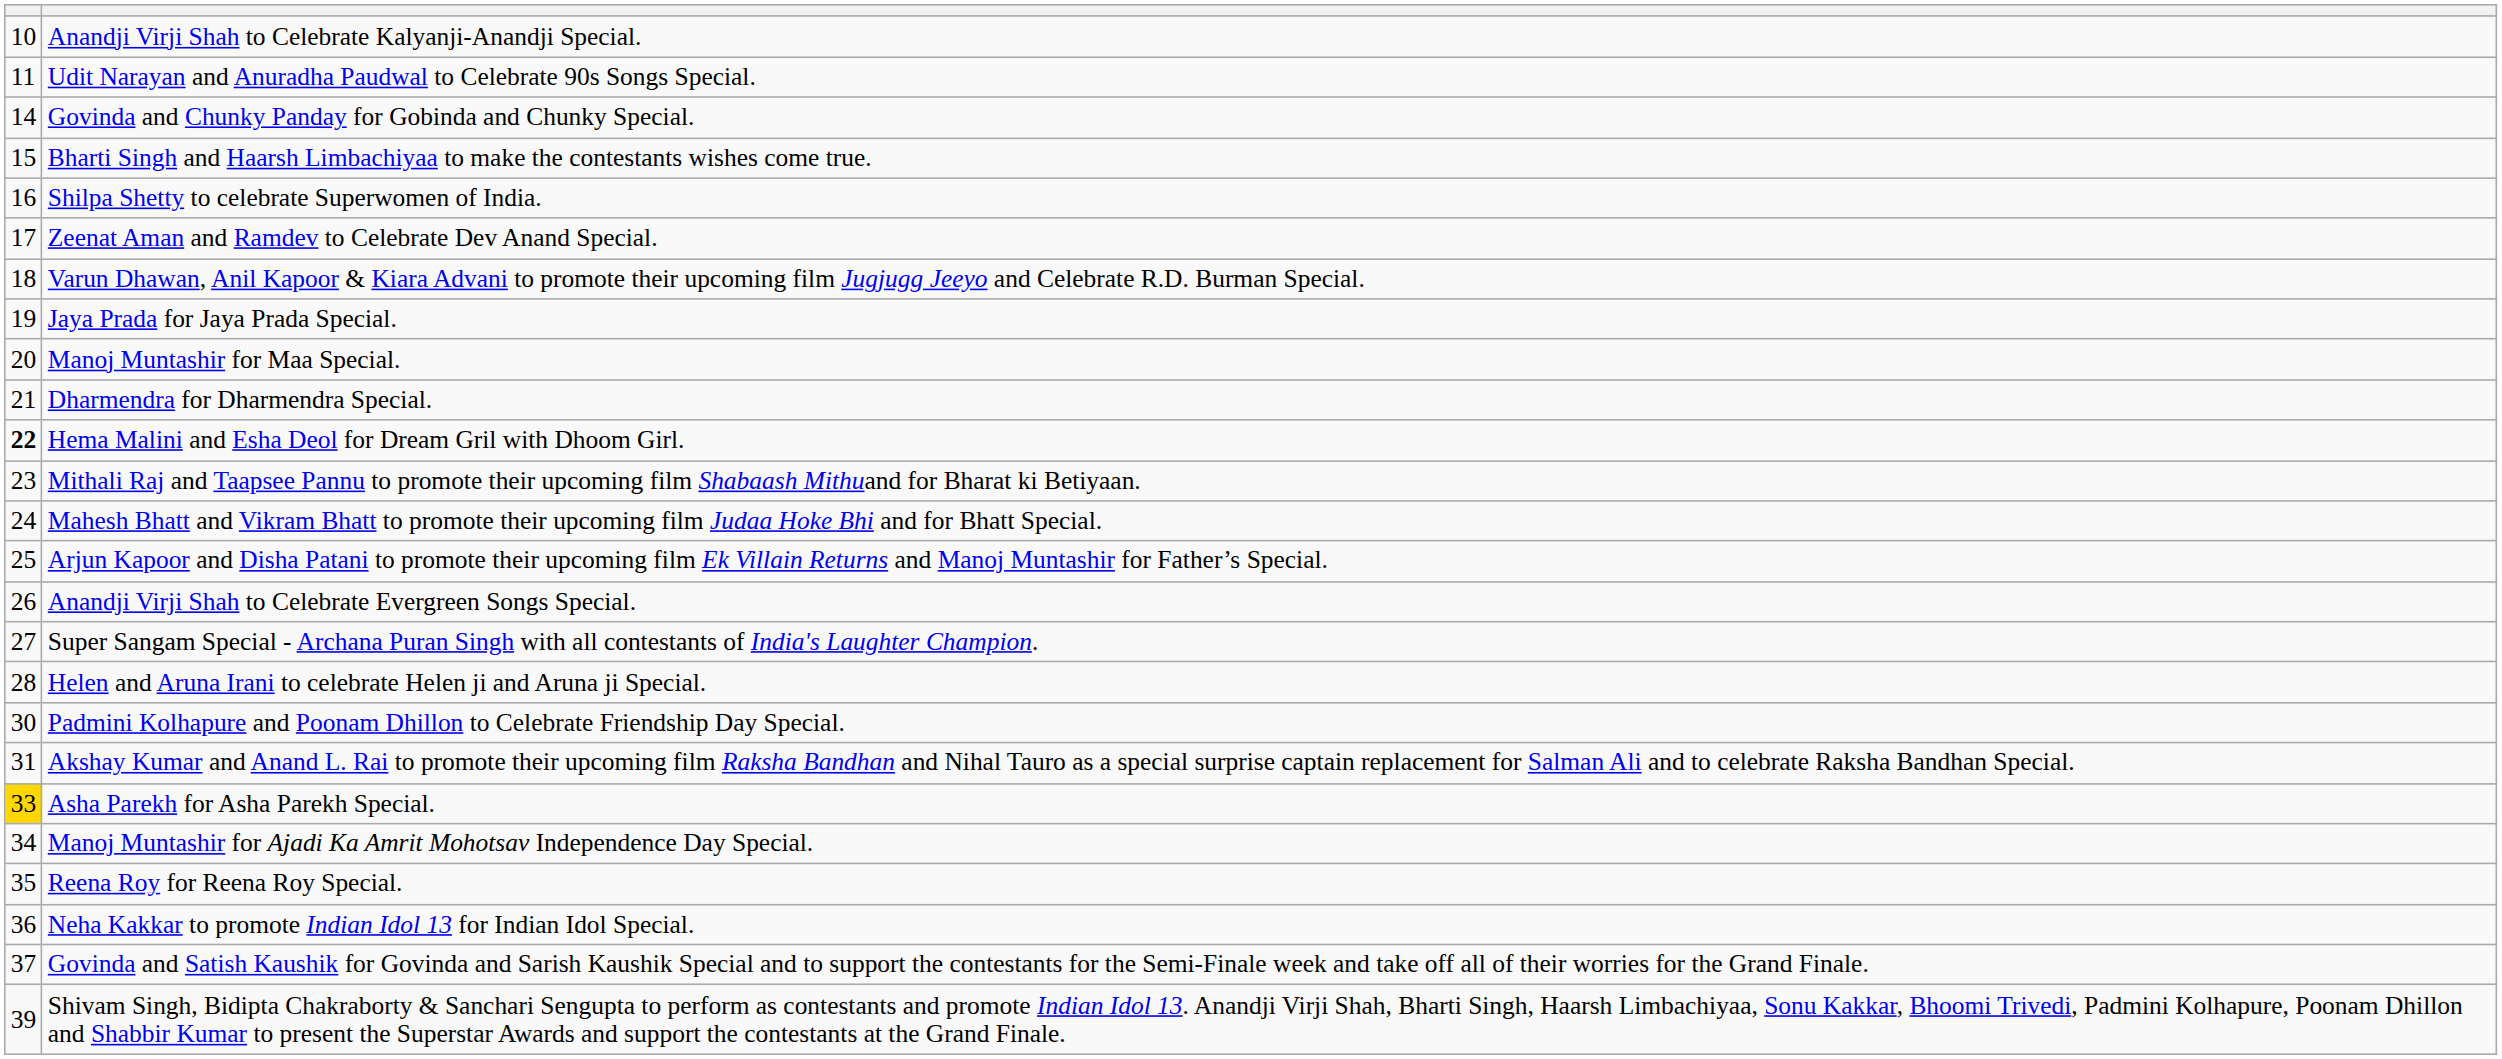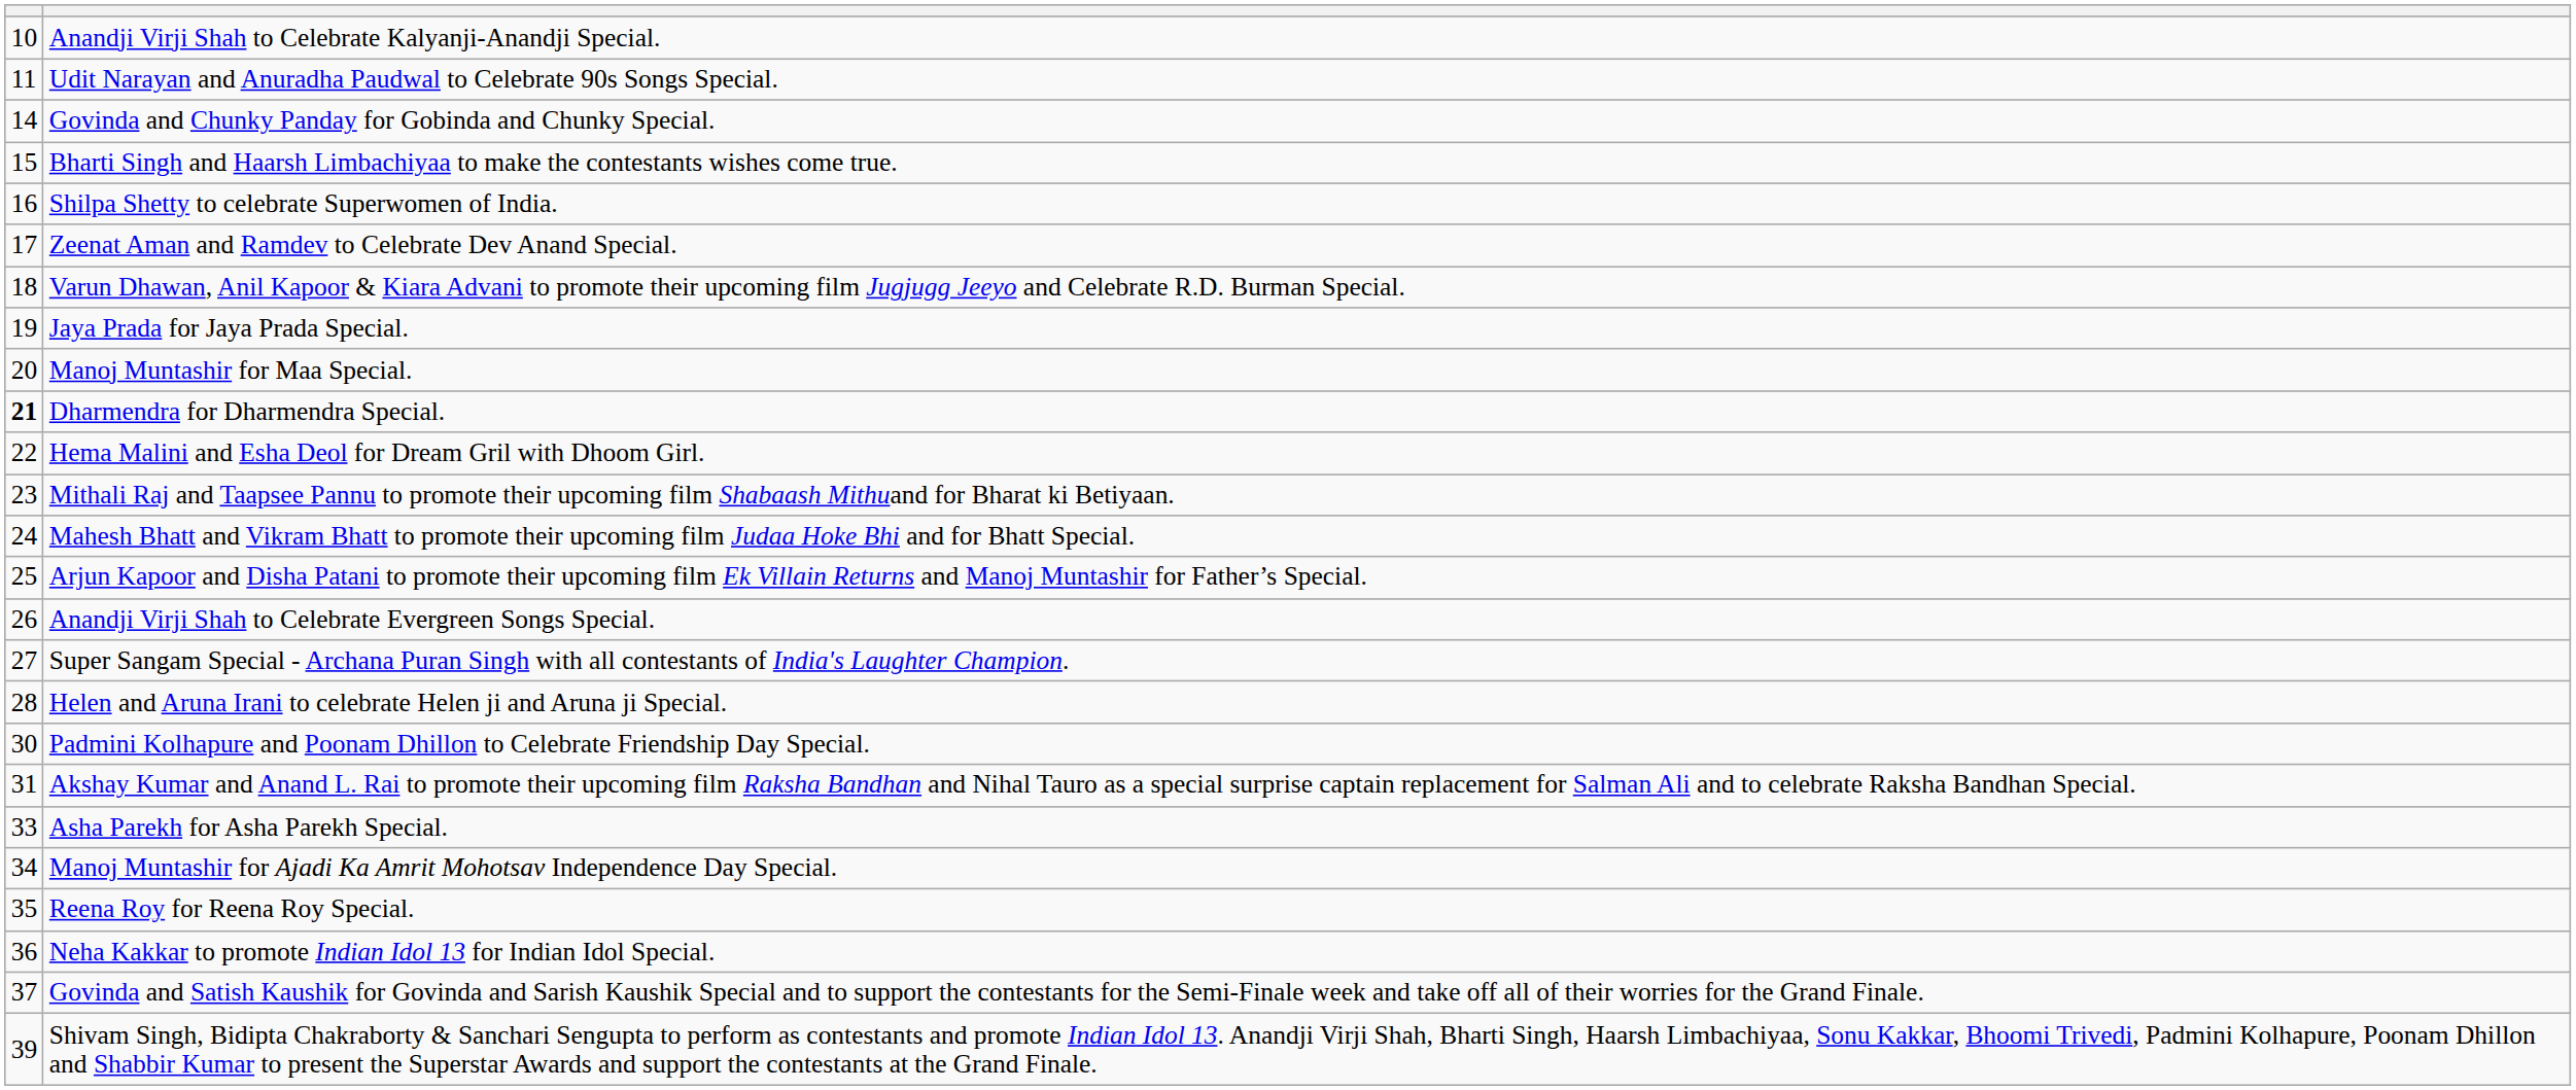 <table class="wikitable">
 <tr>
 <th></th>
 <th></th>
 </tr>
 <tr>
 <td>10</td>
 <td><a href='#'>Anandji Virji Shah</a> to Celebrate Kalyanji-Anandji Special.</td>
 </tr>
 <tr>
 <td>11</td>
 <td><a href='#'>Udit Narayan</a> and <a href='#'>Anuradha Paudwal</a> to Celebrate 90s Songs Special.</td>
 </tr>
 <tr>
 <td>14</td>
 <td><a href='#'>Govinda</a> and <a href='#'>Chunky Panday</a> for Gobinda and Chunky Special.</td>
 </tr>
 <tr>
 <td>15</td>
 <td><a href='#'>Bharti Singh</a> and <a href='#'>Haarsh Limbachiyaa</a> to make the contestants wishes come true.</td>
 </tr>
 <tr>
 <td>16</td>
 <td><a href='#'>Shilpa Shetty</a> to celebrate Superwomen of India.</td>
 </tr>
 <tr>
 <td>17</td>
 <td><a href='#'>Zeenat Aman</a> and <a href='#'>Ramdev</a> to Celebrate Dev Anand Special.</td>
 </tr>
 <tr>
 <td>18</td>
 <td><a href='#'>Varun Dhawan</a>, <a href='#'>Anil Kapoor</a> & <a href='#'>Kiara Advani</a> to promote their upcoming film <em><a href='#'>Jugjugg Jeeyo</a></em> and Celebrate R.D. Burman Special.</td>
 </tr>
 <tr>
 <td>19</td>
 <td><a href='#'>Jaya Prada</a> for Jaya Prada Special.</td>
 </tr>
 <tr>
 <td>20</td>
 <td><a href='#'>Manoj Muntashir</a> for Maa Special.</td>
 </tr>
 <tr>
-<td>21</td>
+<td><strong>21</strong></td>
 <td><a href='#'>Dharmendra</a> for Dharmendra Special.</td>
 </tr>
 <tr>
-<td><strong>22</strong></td>
+<td>22</td>
 <td><a href='#'>Hema Malini</a> and <a href='#'>Esha Deol</a> for Dream Gril with Dhoom Girl.</td>
 </tr>
 <tr>
 <td>23</td>
 <td><a href='#'>Mithali Raj</a> and <a href='#'>Taapsee Pannu</a> to promote their upcoming film <em><a href='#'>Shabaash Mithu</a></em>and for Bharat ki Betiyaan.</td>
 </tr>
 <tr>
 <td>24</td>
 <td><a href='#'>Mahesh Bhatt</a> and <a href='#'>Vikram Bhatt</a> to promote their upcoming film <em><a href='#'>Judaa Hoke Bhi</a></em> and for Bhatt Special.</td>
 </tr>
 <tr>
 <td>25</td>
 <td><a href='#'>Arjun Kapoor</a> and <a href='#'>Disha Patani</a> to promote their upcoming film <em><a href='#'>Ek Villain Returns</a></em> and <a href='#'>Manoj Muntashir</a> for Father’s Special.</td>
 </tr>
 <tr>
 <td>26</td>
 <td><a href='#'>Anandji Virji Shah</a> to Celebrate Evergreen Songs Special.</td>
 </tr>
 <tr>
 <td>27</td>
 <td>Super Sangam Special - <a href='#'>Archana Puran Singh</a> with all contestants of <em><a href='#'>India's Laughter Champion</a></em>.</td>
 </tr>
 <tr>
 <td>28</td>
 <td><a href='#'>Helen</a> and <a href='#'>Aruna Irani</a> to celebrate Helen ji and Aruna ji Special.</td>
 </tr>
 <tr>
 <td>30</td>
 <td><a href='#'>Padmini Kolhapure</a> and <a href='#'>Poonam Dhillon</a> to Celebrate Friendship Day Special.</td>
 </tr>
 <tr>
 <td>31</td>
 <td><a href='#'>Akshay Kumar</a> and <a href='#'>Anand L. Rai</a> to promote their upcoming film <em><a href='#'>Raksha Bandhan</a></em> and Nihal Tauro as a special surprise captain replacement for <a href='#'>Salman Ali</a> and to celebrate Raksha Bandhan Special.</td>
 </tr>
 <tr>
-<td style="background: gold;">33</td>
+<td>33</td>
 <td><a href='#'>Asha Parekh</a> for Asha Parekh Special.</td>
 </tr>
 <tr>
 <td>34</td>
 <td><a href='#'>Manoj Muntashir</a> for <em>Ajadi Ka Amrit Mohotsav</em> Independence Day Special.</td>
 </tr>
 <tr>
 <td>35</td>
 <td><a href='#'>Reena Roy</a> for Reena Roy Special.</td>
 </tr>
 <tr>
 <td>36</td>
 <td><a href='#'>Neha Kakkar</a> to promote <a href='#'><em>Indian Idol 13</em></a> for Indian Idol Special.</td>
 </tr>
 <tr>
 <td>37</td>
 <td><a href='#'>Govinda</a> and <a href='#'>Satish Kaushik</a> for Govinda and Sarish Kaushik Special and to support the contestants for the Semi-Finale week and take off all of their worries for the Grand Finale.</td>
 </tr>
 <tr>
 <td>39</td>
 <td>Shivam Singh, Bidipta Chakraborty & Sanchari Sengupta to perform as contestants and promote <a href='#'><em>Indian Idol 13</em></a>. Anandji Virji Shah, Bharti Singh, Haarsh Limbachiyaa, <a href='#'>Sonu Kakkar</a>, <a href='#'>Bhoomi Trivedi</a>, Padmini Kolhapure, Poonam Dhillon and <a href='#'>Shabbir Kumar</a> to present the Superstar Awards and support the contestants at the Grand Finale.</td>
 </tr>
 </table>
